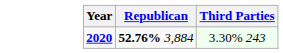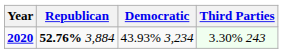 <table class="wikitable" style="float:right; font-size:95%;">
 <tr bgcolor=lightgrey>
 <th>Year</th>
 <th><a href='#'>Republican</a></th>
+<th><a href='#'>Democratic</a></th>
 <th><a href='#'>Third Parties</a></th>
 </tr>
 <tr>
 <td style="text-align:center; "><strong><a href='#'>2020</a></strong></td>
 <td style="text-align:center; "><strong>52.76%</strong> <em>3,884</em></td>
+<td style="text-align:center; ">43.93% <em>3,234</em></td>
 <td style="text-align:center; background:honeyDew;">3.30% <em>243</em></td>
 </tr>
 </table>
